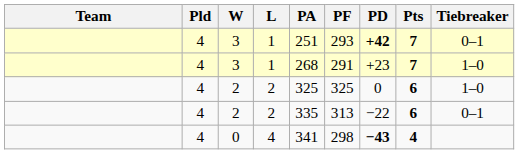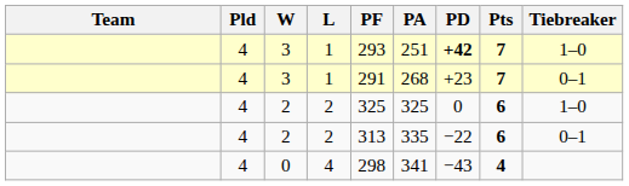 <table class=wikitable style="text-align:center">
 <tr>
 <th width=180>Team</th>
 <th width=30>Pld</th>
 <th width=30>W</th>
 <th width=30>L</th>
+<th width=30>PF</th>
 <th width=30>PA</th>
-<th width=30>PF</th>
 <th width=30>PD</th>
 <th width=30>Pts</th>
 <th width=80>Tiebreaker</th>
 </tr>
 <tr align=center bgcolor="#ffffcc">
 <td align=left></td>
 <td>4</td>
 <td>3</td>
 <td>1</td>
+<td>293</td>
 <td>251</td>
-<td>293</td>
 <td><strong>+42</strong></td>
 <td><strong>7</strong></td>
-<td>0–1</td>
+<td>1–0</td>
 </tr>
 <tr align=center bgcolor="#ffffcc">
 <td align=left></td>
 <td>4</td>
 <td>3</td>
 <td>1</td>
+<td>291</td>
 <td>268</td>
-<td>291</td>
 <td>+23</td>
 <td><strong>7</strong></td>
-<td>1–0</td>
+<td>0–1</td>
 </tr>
 <tr align=center>
 <td align=left></td>
 <td>4</td>
 <td>2</td>
 <td>2</td>
 <td>325</td>
 <td>325</td>
 <td>0</td>
 <td><strong>6</strong></td>
 <td>1–0</td>
 </tr>
 <tr align=center>
 <td align=left></td>
 <td>4</td>
 <td>2</td>
 <td>2</td>
+<td>313</td>
 <td>335</td>
-<td>313</td>
 <td>−22</td>
 <td><strong>6</strong></td>
 <td>0–1</td>
 </tr>
 <tr align=center>
 <td align=left></td>
 <td>4</td>
 <td>0</td>
 <td>4</td>
+<td>298</td>
 <td>341</td>
-<td>298</td>
-<td><strong>−43</strong></td>
+<td>−43</td>
 <td><strong>4</strong></td>
 <td></td>
 </tr>
 </table>
